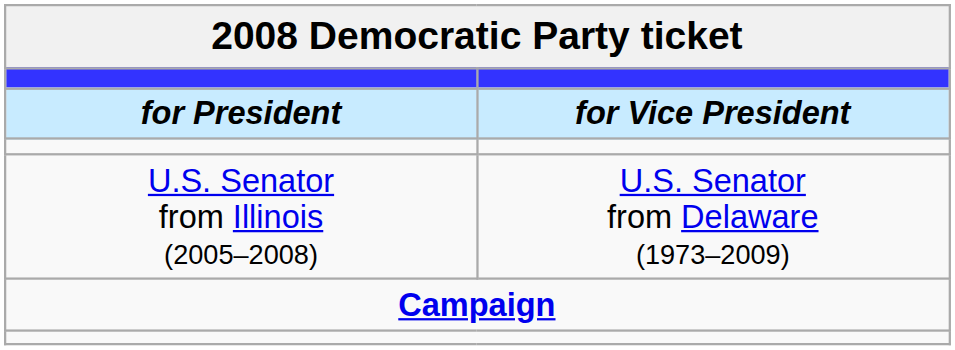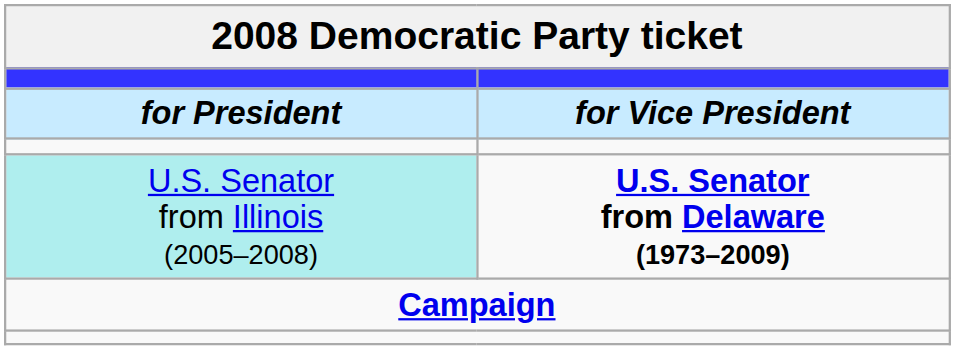 <table class="wikitable" style="font-size:90%; text-align:center;">
 <tr>
 <td style="background:#f1f1f1;" colspan="30"><big><strong>2008 Democratic Party ticket</strong></big></td>
 </tr>
 <tr>
 <th style="width:3em; font-size:135%; background:#3333FF; width:200px;"><a href='#'></a></th>
 <th style="width:3em; font-size:135%; background:#3333FF; width:200px;"><a href='#'></a></th>
 </tr>
 <tr style="color:#000; font-size:100%; background:#c8ebff;">
 <td style="width:3em; width:200px;"><strong><em>for President</em></strong></td>
 <td style="width:3em; width:200px;"><strong><em>for Vice President</em></strong></td>
 </tr>
 <tr>
 <td></td>
 <td></td>
 </tr>
 <tr>
-<td><a href='#'>U.S. Senator</a><br>from <a href='#'>Illinois</a><br><small>(2005–2008)</small></td>
-<td><a href='#'>U.S. Senator</a><br>from <a href='#'>Delaware</a><br><small>(1973–2009)</small></td>
+<td style="background: paleturquoise;"><a href='#'>U.S. Senator</a><br>from <a href='#'>Illinois</a><br><small>(2005–2008)</small></td>
+<td><strong><a href='#'>U.S. Senator</a><br>from <a href='#'>Delaware</a><br><small>(1973–2009)</small></strong></td>
 </tr>
 <tr>
 <td colspan=2><a href='#'><strong>Campaign</strong></a></td>
 </tr>
 <tr>
 <td colspan=2></td>
 </tr>
 </table>
